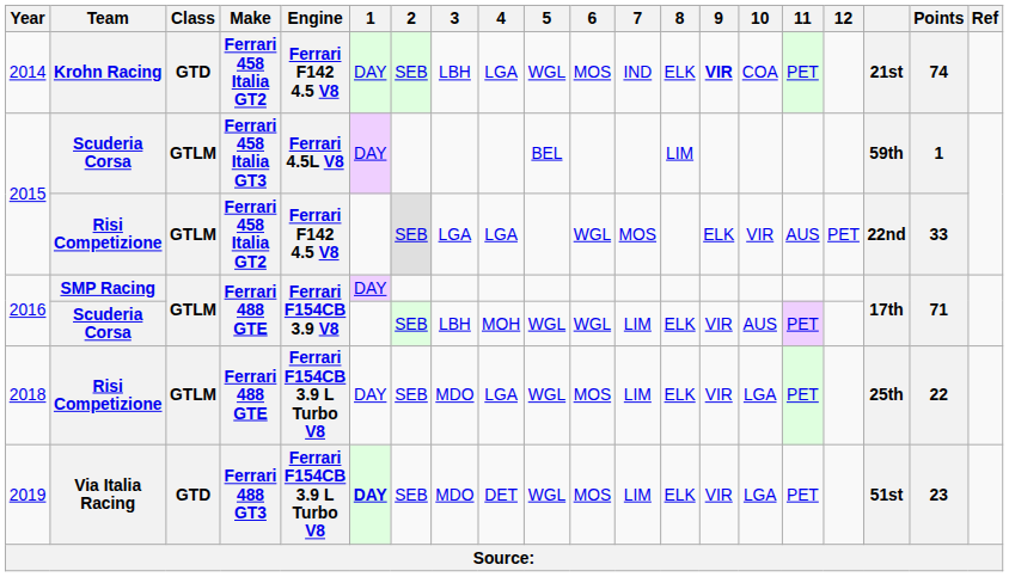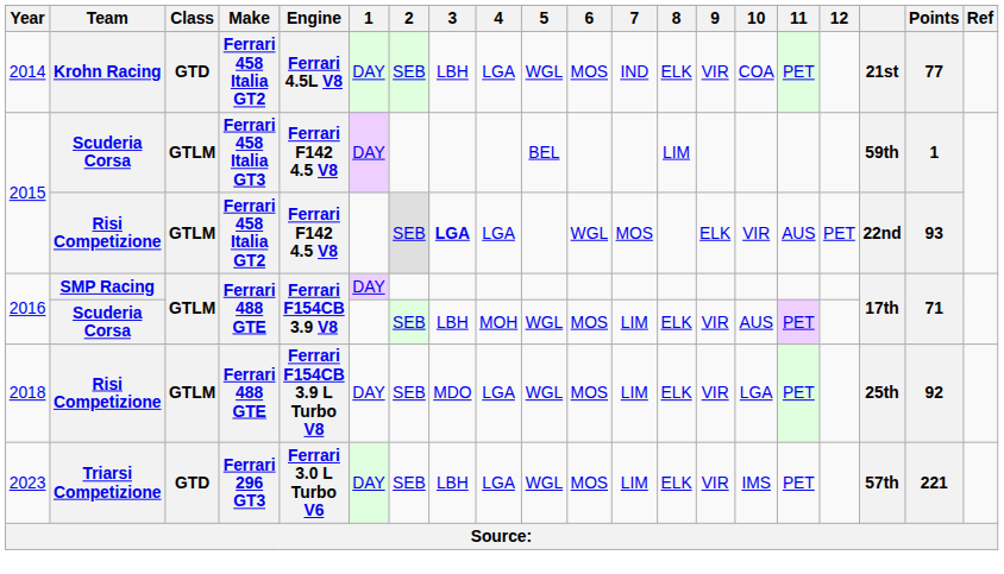 <table class="wikitable" style="text-align:center; font-size:90%">
 <tr>
 <th>Year</th>
 <th>Team</th>
 <th>Class</th>
 <th>Make</th>
 <th>Engine</th>
 <th>1</th>
 <th>2</th>
 <th>3</th>
 <th>4</th>
 <th>5</th>
 <th>6</th>
 <th>7</th>
 <th>8</th>
 <th>9</th>
 <th>10</th>
 <th>11</th>
 <th>12</th>
 <th></th>
 <th>Points</th>
 <th>Ref</th>
 </tr>
 <tr>
 <td><a href='#'>2014</a></td>
 <th><a href='#'>Krohn Racing</a></th>
 <th>GTD</th>
 <th><a href='#'>Ferrari 458 Italia GT2</a></th>
-<th><a href='#'>Ferrari</a> F142 4.5 <a href='#'>V8</a></th>
+<th><a href='#'>Ferrari</a> 4.5L <a href='#'>V8</a></th>
 <td style="background:#DFFFDF;"><a href='#'>DAY</a><br></td>
 <td style="background:#DFFFDF;"><a href='#'>SEB</a><br></td>
 <td style="background:#;"><a href='#'>LBH</a><br></td>
 <td style="background:#;"><a href='#'>LGA</a><br></td>
 <td style="background:#;"><a href='#'>WGL</a><br></td>
 <td style="background:#;"><a href='#'>MOS</a><br></td>
 <td style="background:#;"><a href='#'>IND</a><br></td>
 <td style="background:#;"><a href='#'>ELK</a><br></td>
-<td style="background:#;"><strong><a href='#'>VIR</a><br></strong></td>
+<td style="background:#;"><a href='#'>VIR</a><br></td>
 <td style="background:#;"><a href='#'>COA</a><br></td>
 <td style="background:#DFFFDF;"><a href='#'>PET</a><br></td>
 <td></td>
 <th>21st</th>
-<th>74</th>
+<th>77</th>
 <td></td>
 </tr>
 <tr>
 <td rowspan=2><a href='#'>2015</a></td>
 <th><a href='#'>Scuderia Corsa</a></th>
 <th>GTLM</th>
 <th><a href='#'>Ferrari 458 Italia GT3</a></th>
-<th><a href='#'>Ferrari</a> 4.5L <a href='#'>V8</a></th>
+<th><a href='#'>Ferrari</a> F142 4.5 <a href='#'>V8</a></th>
 <td style="background:#EFCFFF;"><a href='#'>DAY</a><br></td>
 <td></td>
 <td></td>
 <td></td>
 <td style="background:#;"><a href='#'>BEL</a><br></td>
 <td></td>
 <td></td>
 <td style="background:#;"><a href='#'>LIM</a><br></td>
 <td></td>
 <td></td>
 <td></td>
 <td></td>
 <th>59th</th>
 <th>1</th>
 <td rowspan="2"></td>
 </tr>
 <tr>
 <th><a href='#'>Risi Competizione</a></th>
 <th>GTLM</th>
 <th><a href='#'>Ferrari 458 Italia GT2</a></th>
 <th><a href='#'>Ferrari</a> F142 4.5 <a href='#'>V8</a></th>
 <td></td>
 <td style="background:#DFDFDF;"><a href='#'>SEB</a><br></td>
-<td style="background:#;”"><a href='#'>LGA</a><br></td>
+<td style="background:#;”"><strong><a href='#'>LGA</a><br></strong></td>
 <td style="background:#;"><a href='#'>LGA</a><br></td>
 <td></td>
 <td style="background:#;"><a href='#'>WGL</a><br></td>
 <td style="background:#;"><a href='#'>MOS</a><br></td>
 <td></td>
 <td style="background:#;"><a href='#'>ELK</a><br></td>
 <td style="background:#;"><a href='#'>VIR</a><br></td>
 <td style="background:#;"><a href='#'>AUS</a><br></td>
 <td style="background:#;"><a href='#'>PET</a><br></td>
 <th>22nd</th>
-<th>33</th>
+<th>93</th>
 </tr>
 <tr>
 <td rowspan=2><a href='#'>2016</a></td>
 <th><a href='#'>SMP Racing</a></th>
 <th rowspan=2>GTLM</th>
 <th rowspan=2><a href='#'>Ferrari 488 GTE</a></th>
 <th rowspan=2><a href='#'>Ferrari F154CB</a> 3.9 <a href='#'>V8</a></th>
 <td style="background:#EFCFFF;"><a href='#'>DAY</a><br></td>
 <td></td>
 <td></td>
 <td></td>
 <td></td>
 <td></td>
 <td></td>
 <td></td>
 <td></td>
 <td></td>
 <td></td>
 <td></td>
 <th rowspan=2>17th</th>
 <th rowspan=2>71</th>
 <td rowspan="2"></td>
 </tr>
 <tr>
 <th><a href='#'>Scuderia Corsa</a></th>
 <td></td>
 <td style="background:#DFFFDF;"><a href='#'>SEB</a><br></td>
 <td style="background:#;"><a href='#'>LBH</a><br></td>
 <td style="background:#;"><a href='#'>MOH</a><br></td>
 <td style="background:#;"><a href='#'>WGL</a><br></td>
-<td style="background:#;"><a href='#'>WGL</a><br></td>
+<td style="background:#;"><a href='#'>MOS</a><br></td>
 <td style="background:#;"><a href='#'>LIM</a><br></td>
 <td style="background:#;"><a href='#'>ELK</a><br></td>
 <td style="background:#;"><a href='#'>VIR</a><br></td>
 <td style="background:#;"><a href='#'>AUS</a><br></td>
 <td style="background:#EFCFFF;"><a href='#'>PET</a><br></td>
 <td></td>
 </tr>
 <tr>
 <td><a href='#'>2018</a></td>
 <th><a href='#'>Risi Competizione</a></th>
 <th>GTLM</th>
 <th><a href='#'>Ferrari 488 GTE</a></th>
 <th><a href='#'>Ferrari F154CB</a> 3.9 L Turbo <a href='#'>V8</a></th>
 <td style="background:#;"><a href='#'>DAY</a><br></td>
 <td style="background:#;"><a href='#'>SEB</a><br></td>
 <td style="background:#;"><a href='#'>MDO</a><br></td>
 <td style="background:#;"><a href='#'>LGA</a><br></td>
 <td style="background:#;"><a href='#'>WGL</a><br></td>
 <td style="background:#;"><a href='#'>MOS</a><br></td>
 <td style="background:#;"><a href='#'>LIM</a><br></td>
 <td style="background:#;"><a href='#'>ELK</a><br></td>
 <td style="background:#;"><a href='#'>VIR</a><br></td>
 <td style="background:#;"><a href='#'>LGA</a><br></td>
 <td style="background:#DFFFDF;"><a href='#'>PET</a><br></td>
 <td></td>
 <th>25th</th>
-<th>22</th>
+<th>92</th>
 <td></td>
 </tr>
 <tr>
-<td><a href='#'>2019</a></td>
-<th>Via Italia Racing</th>
+<td><a href='#'>2023</a></td>
+<th><a href='#'>Triarsi Competizione</a></th>
 <th>GTD</th>
-<th><a href='#'>Ferrari 488 GT3</a></th>
-<th><a href='#'>Ferrari F154CB</a> 3.9 L Turbo <a href='#'>V8</a></th>
-<td style="background:#DFFFDF;"><strong><a href='#'>DAY</a></strong><br></td>
-<td style="background:#;"><a href='#'>SEB</a><br></td>
-<td style="background:#;"><a href='#'>MDO</a><br></td>
-<td style="background:#;"><a href='#'>DET</a><br></td>
-<td style="background:#;"><a href='#'>WGL</a><br></td>
-<td style="background:#;"><a href='#'>MOS</a><br></td>
-<td style="background:#;"><a href='#'>LIM</a><br></td>
-<td style="background:#;"><a href='#'>ELK</a><br></td>
-<td style="background:#;"><a href='#'>VIR</a><br></td>
-<td style="background:#;"><a href='#'>LGA</a><br></td>
-<td style="background:#;"><a href='#'>PET</a><br></td>
+<th><a href='#'>Ferrari 296 GT3</a></th>
+<th><a href='#'>Ferrari</a> 3.0 L Turbo <a href='#'>V6</a></th>
+<td style="background:#DFFFDF;"><a href='#'>DAY</a><br></td>
+<td><a href='#'>SEB</a></td>
+<td><a href='#'>LBH</a></td>
+<td><a href='#'>LGA</a></td>
+<td><a href='#'>WGL</a></td>
+<td><a href='#'>MOS</a></td>
+<td><a href='#'>LIM</a></td>
+<td><a href='#'>ELK</a></td>
+<td><a href='#'>VIR</a></td>
+<td><a href='#'>IMS</a></td>
+<td><a href='#'>PET</a></td>
 <td></td>
-<th>51st</th>
-<th>23</th>
+<th>57th</th>
+<th>221</th>
 <td></td>
 </tr>
 <tr>
 <th colspan="20">Source:</th>
 </tr>
 </table>
